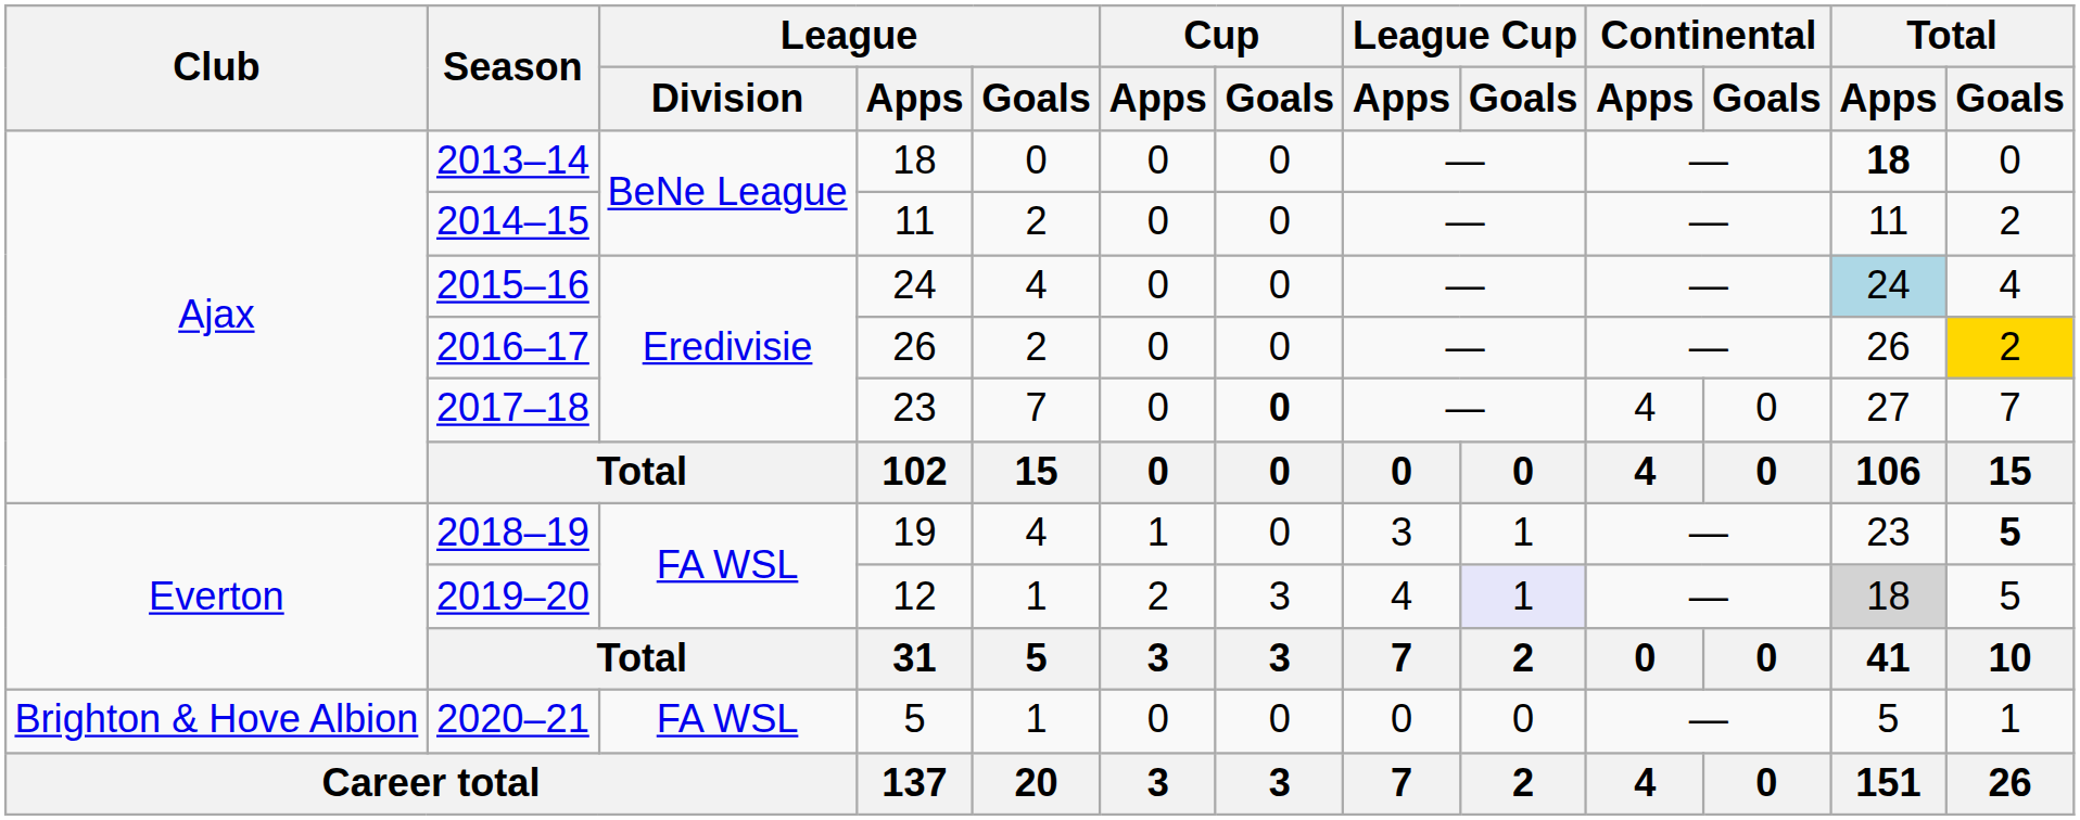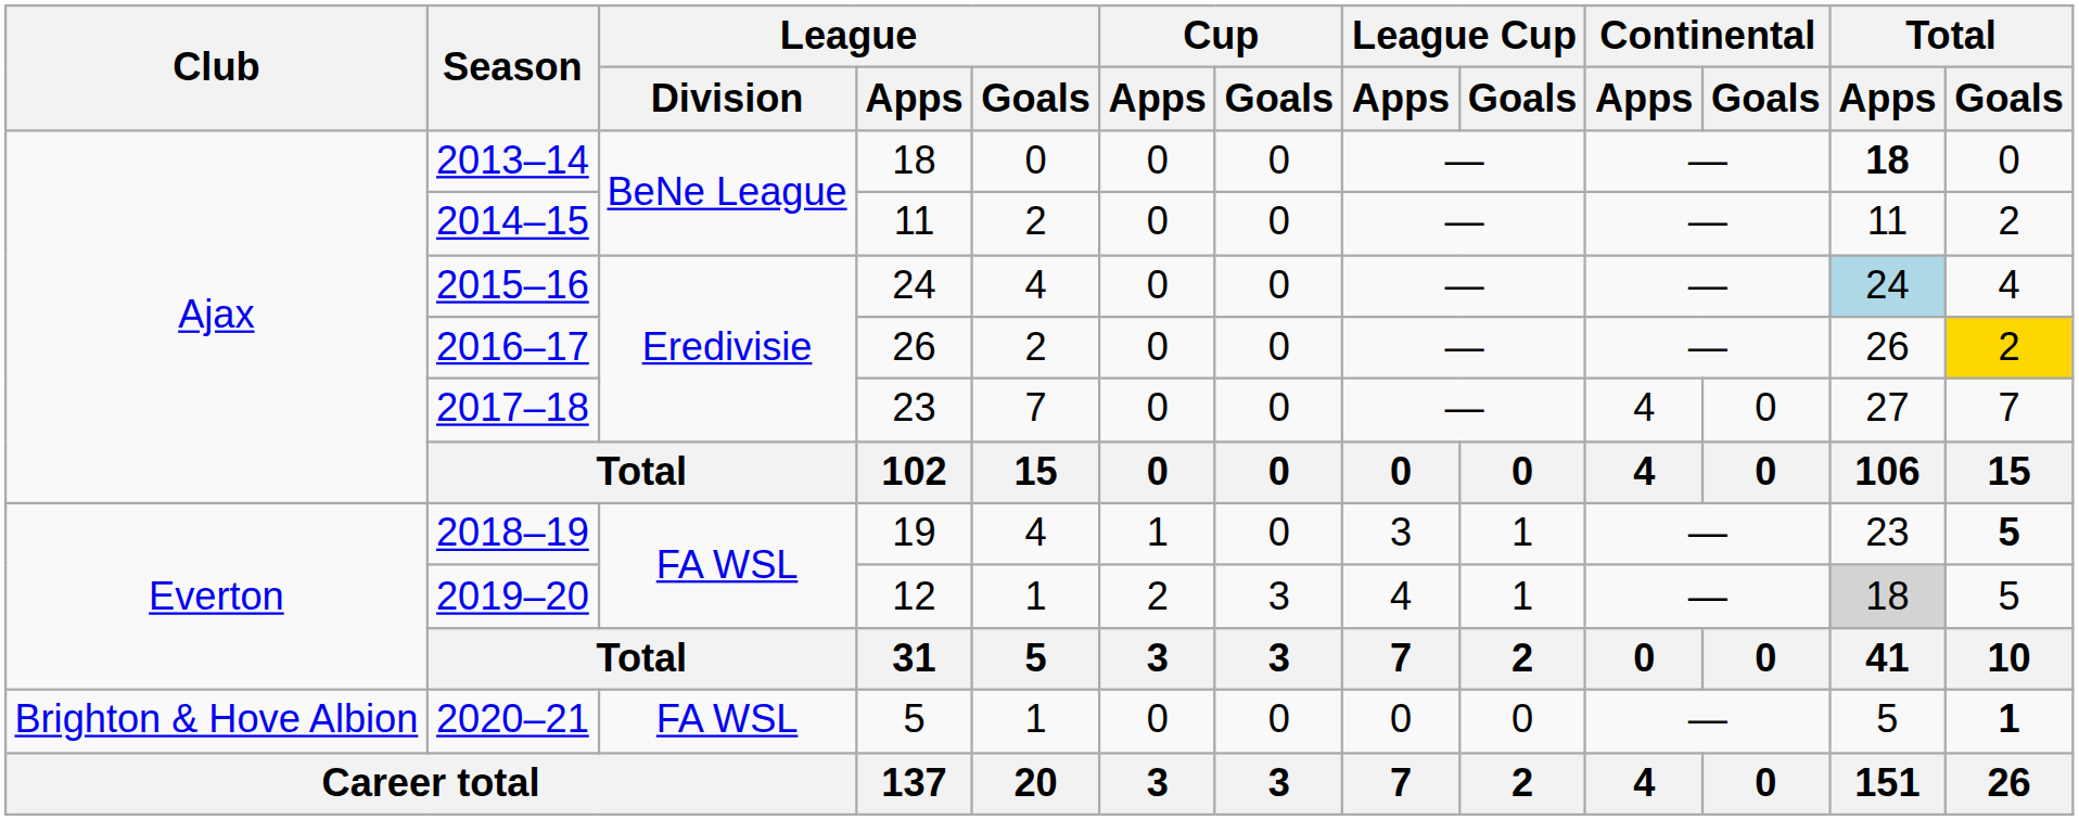 <table class="wikitable" style="text-align:center">
 <tr>
 <th rowspan="2">Club</th>
 <th rowspan="2">Season</th>
 <th colspan="3">League</th>
 <th colspan="2">Cup</th>
 <th colspan="2">League Cup</th>
 <th colspan="2">Continental</th>
 <th colspan="2">Total</th>
 </tr>
 <tr>
 <th>Division</th>
 <th>Apps</th>
 <th>Goals</th>
 <th>Apps</th>
 <th>Goals</th>
 <th>Apps</th>
 <th>Goals</th>
 <th>Apps</th>
 <th>Goals</th>
 <th>Apps</th>
 <th>Goals</th>
 </tr>
 <tr>
 <td rowspan="6"><a href='#'>Ajax</a></td>
 <td><a href='#'>2013–14</a></td>
 <td rowspan="2"><a href='#'>BeNe League</a></td>
 <td>18</td>
 <td>0</td>
 <td>0</td>
 <td>0</td>
 <td colspan="2">—</td>
 <td colspan="2">—</td>
 <td><strong>18</strong></td>
 <td>0</td>
 </tr>
 <tr>
 <td><a href='#'>2014–15</a></td>
 <td>11</td>
 <td>2</td>
 <td>0</td>
 <td>0</td>
 <td colspan="2">—</td>
 <td colspan="2">—</td>
 <td>11</td>
 <td>2</td>
 </tr>
 <tr>
 <td><a href='#'>2015–16</a></td>
 <td rowspan="3"><a href='#'>Eredivisie</a></td>
 <td>24</td>
 <td>4</td>
 <td>0</td>
 <td>0</td>
 <td colspan="2">—</td>
 <td colspan="2">—</td>
 <td style="background: lightblue;">24</td>
 <td>4</td>
 </tr>
 <tr>
 <td><a href='#'>2016–17</a></td>
 <td>26</td>
 <td>2</td>
 <td>0</td>
 <td>0</td>
 <td colspan="2">—</td>
 <td colspan="2">—</td>
 <td>26</td>
 <td style="background: gold;">2</td>
 </tr>
 <tr>
 <td><a href='#'>2017–18</a></td>
 <td>23</td>
 <td>7</td>
 <td>0</td>
-<td><strong>0</strong></td>
+<td>0</td>
 <td colspan="2">—</td>
 <td>4</td>
 <td>0</td>
 <td>27</td>
 <td>7</td>
 </tr>
 <tr>
 <th colspan="2">Total</th>
 <th>102</th>
 <th>15</th>
 <th>0</th>
 <th>0</th>
 <th>0</th>
 <th>0</th>
 <th>4</th>
 <th>0</th>
 <th>106</th>
 <th>15</th>
 </tr>
 <tr>
 <td rowspan="3"><a href='#'>Everton</a></td>
 <td><a href='#'>2018–19</a></td>
 <td rowspan="2"><a href='#'>FA WSL</a></td>
 <td>19</td>
 <td>4</td>
 <td>1</td>
 <td>0</td>
 <td>3</td>
 <td>1</td>
 <td colspan="2">—</td>
 <td>23</td>
 <td><strong>5</strong></td>
 </tr>
 <tr>
 <td><a href='#'>2019–20</a></td>
 <td>12</td>
 <td>1</td>
 <td>2</td>
 <td>3</td>
 <td>4</td>
-<td style="background: lavender;">1</td>
+<td>1</td>
 <td colspan="2">—</td>
 <td style="background: lightgrey;">18</td>
 <td>5</td>
 </tr>
 <tr>
 <th colspan="2">Total</th>
 <th>31</th>
 <th>5</th>
 <th>3</th>
 <th>3</th>
 <th>7</th>
 <th>2</th>
 <th>0</th>
 <th>0</th>
 <th>41</th>
 <th>10</th>
 </tr>
 <tr>
 <td rowspan="1"><a href='#'>Brighton & Hove Albion</a></td>
 <td><a href='#'>2020–21</a></td>
 <td rowspan="1"><a href='#'>FA WSL</a></td>
 <td>5</td>
 <td>1</td>
 <td>0</td>
 <td>0</td>
 <td>0</td>
 <td>0</td>
 <td colspan="2">—</td>
 <td>5</td>
-<td>1</td>
+<td><strong>1</strong></td>
 </tr>
 <tr>
 <th colspan="3">Career total</th>
 <th>137</th>
 <th>20</th>
 <th>3</th>
 <th>3</th>
 <th>7</th>
 <th>2</th>
 <th>4</th>
 <th>0</th>
 <th>151</th>
 <th>26</th>
 </tr>
 </table>
